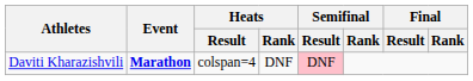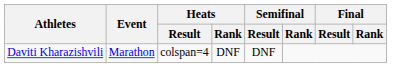 <table class="wikitable" border="1" style="font-size:90%">
 <tr>
 <th rowspan="2">Athletes</th>
 <th rowspan="2">Event</th>
 <th colspan="2">Heats</th>
 <th colspan="2">Semifinal</th>
 <th colspan="2">Final</th>
 </tr>
 <tr>
 <th>Result</th>
 <th>Rank</th>
 <th>Result</th>
 <th>Rank</th>
 <th>Result</th>
 <th>Rank</th>
 </tr>
 <tr>
 <td><a href='#'>Daviti Kharazishvili</a></td>
-<td><strong><a href='#'>Marathon</a></strong></td>
+<td><a href='#'>Marathon</a></td>
 <td>colspan=4</td>
 <td align=center>DNF</td>
-<td align=center style="background: pink;">DNF</td>
+<td align=center>DNF</td>
 </tr>
 </table>
